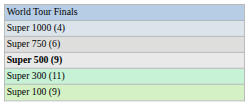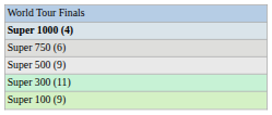 <table class="wikitable"style="font-size:80%; width:20%">
 <tr bgcolor="#b6cde5">
 <td>World Tour Finals</td>
 </tr>
 <tr bgcolor="#dae4ea">
-<td>Super 1000 (4)</td>
+<td><strong>Super 1000 (4)</strong></td>
 </tr>
 <tr bgcolor="#dededc">
 <td>Super 750 (6)</td>
 </tr>
 <tr bgcolor="#e9e9e9">
-<td><strong>Super 500 (9)</strong></td>
+<td>Super 500 (9)</td>
 </tr>
 <tr bgcolor="#c7f2d5">
 <td>Super 300 (11)</td>
 </tr>
 <tr bgcolor="#d4f1c5">
 <td>Super 100 (9)</td>
 </tr>
 </table>
